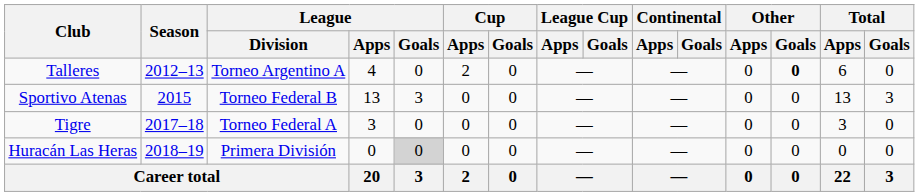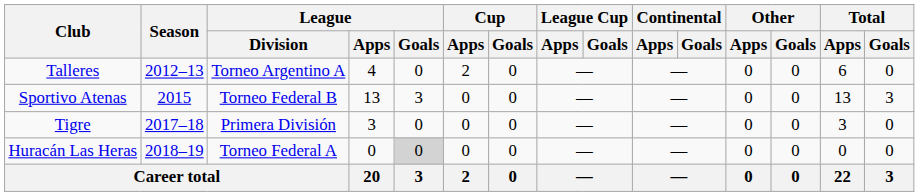 <table class="wikitable" style="text-align:center">
 <tr>
 <th rowspan="2">Club</th>
 <th rowspan="2">Season</th>
 <th colspan="3">League</th>
 <th colspan="2">Cup</th>
 <th colspan="2">League Cup</th>
 <th colspan="2">Continental</th>
 <th colspan="2">Other</th>
 <th colspan="2">Total</th>
 </tr>
 <tr>
 <th>Division</th>
 <th>Apps</th>
 <th>Goals</th>
 <th>Apps</th>
 <th>Goals</th>
 <th>Apps</th>
 <th>Goals</th>
 <th>Apps</th>
 <th>Goals</th>
 <th>Apps</th>
 <th>Goals</th>
 <th>Apps</th>
 <th>Goals</th>
 </tr>
 <tr>
 <td rowspan="1"><a href='#'>Talleres</a></td>
 <td><a href='#'>2012–13</a></td>
 <td rowspan="1"><a href='#'>Torneo Argentino A</a></td>
 <td>4</td>
 <td>0</td>
 <td>2</td>
 <td>0</td>
 <td colspan="2">—</td>
 <td colspan="2">—</td>
 <td>0</td>
-<td><strong>0</strong></td>
+<td>0</td>
 <td>6</td>
 <td>0</td>
 </tr>
 <tr>
 <td rowspan="1"><a href='#'>Sportivo Atenas</a></td>
 <td><a href='#'>2015</a></td>
 <td rowspan="1"><a href='#'>Torneo Federal B</a></td>
 <td>13</td>
 <td>3</td>
 <td>0</td>
 <td>0</td>
 <td colspan="2">—</td>
 <td colspan="2">—</td>
 <td>0</td>
 <td>0</td>
 <td>13</td>
 <td>3</td>
 </tr>
 <tr>
 <td rowspan="1"><a href='#'>Tigre</a></td>
 <td><a href='#'>2017–18</a></td>
-<td rowspan="1"><a href='#'>Torneo Federal A</a></td>
+<td rowspan="1"><a href='#'>Primera División</a></td>
 <td>3</td>
 <td>0</td>
 <td>0</td>
 <td>0</td>
 <td colspan="2">—</td>
 <td colspan="2">—</td>
 <td>0</td>
 <td>0</td>
 <td>3</td>
 <td>0</td>
 </tr>
 <tr>
 <td rowspan="1"><a href='#'>Huracán Las Heras</a></td>
 <td><a href='#'>2018–19</a></td>
-<td rowspan="1"><a href='#'>Primera División</a></td>
+<td rowspan="1"><a href='#'>Torneo Federal A</a></td>
 <td>0</td>
 <td style="background: lightgrey;">0</td>
 <td>0</td>
 <td>0</td>
 <td colspan="2">—</td>
 <td colspan="2">—</td>
 <td>0</td>
 <td>0</td>
 <td>0</td>
 <td>0</td>
 </tr>
 <tr>
 <th colspan="3">Career total</th>
 <th>20</th>
 <th>3</th>
 <th>2</th>
 <th>0</th>
 <th colspan="2">—</th>
 <th colspan="2">—</th>
 <th>0</th>
 <th>0</th>
 <th>22</th>
 <th>3</th>
 </tr>
 </table>
